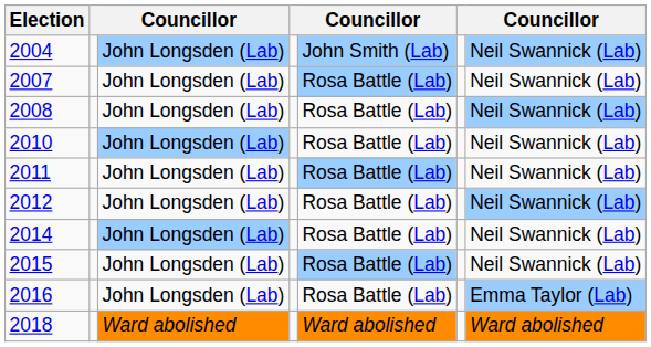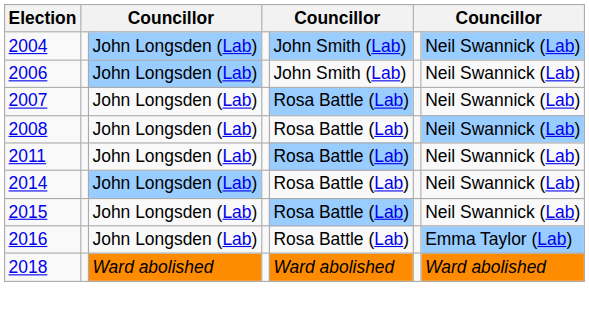 <table class="wikitable">
 <tr>
 <th>Election</th>
 <th colspan="2">Councillor</th>
 <th colspan="2">Councillor</th>
 <th colspan="2">Councillor</th>
 </tr>
 <tr>
 <td><a href='#'>2004</a></td>
 <td style="background-color: "></td>
 <td bgcolor="#99CCFF">John Longsden (<a href='#'>Lab</a>)</td>
 <td style="background-color: "></td>
 <td bgcolor="#99CCFF">John Smith (<a href='#'>Lab</a>)</td>
 <td style="background-color: "></td>
 <td bgcolor="#99CCFF">Neil Swannick (<a href='#'>Lab</a>)</td>
+</tr>
+<tr>
+<td><a href='#'>2006</a></td>
+<td style="background-color: "></td>
+<td bgcolor="#99CCFF">John Longsden (<a href='#'>Lab</a>)</td>
+<td style="background-color: "></td>
+<td>John Smith (<a href='#'>Lab</a>)</td>
+<td style="background-color: "></td>
+<td>Neil Swannick (<a href='#'>Lab</a>)</td>
 </tr>
 <tr>
 <td><a href='#'>2007</a></td>
 <td style="background-color: "></td>
 <td>John Longsden (<a href='#'>Lab</a>)</td>
 <td style="background-color: "></td>
 <td bgcolor="#99CCFF">Rosa Battle (<a href='#'>Lab</a>)</td>
 <td style="background-color: "></td>
 <td>Neil Swannick (<a href='#'>Lab</a>)</td>
 </tr>
 <tr>
 <td><a href='#'>2008</a></td>
 <td style="background-color: "></td>
 <td>John Longsden (<a href='#'>Lab</a>)</td>
 <td style="background-color: "></td>
 <td>Rosa Battle (<a href='#'>Lab</a>)</td>
 <td style="background-color: "></td>
 <td bgcolor="#99CCFF">Neil Swannick (<a href='#'>Lab</a>)</td>
 </tr>
 <tr>
-<td><a href='#'>2010</a></td>
-<td style="background-color: "></td>
-<td bgcolor="#99CCFF">John Longsden (<a href='#'>Lab</a>)</td>
-<td style="background-color: "></td>
-<td>Rosa Battle (<a href='#'>Lab</a>)</td>
-<td style="background-color: "></td>
-<td>Neil Swannick (<a href='#'>Lab</a>)</td>
-</tr>
-<tr>
 <td><a href='#'>2011</a></td>
 <td style="background-color: "></td>
 <td>John Longsden (<a href='#'>Lab</a>)</td>
 <td style="background-color: "></td>
 <td bgcolor="#99CCFF">Rosa Battle (<a href='#'>Lab</a>)</td>
 <td style="background-color: "></td>
 <td>Neil Swannick (<a href='#'>Lab</a>)</td>
-</tr>
-<tr>
-<td><a href='#'>2012</a></td>
-<td style="background-color: "></td>
-<td>John Longsden (<a href='#'>Lab</a>)</td>
-<td style="background-color: "></td>
-<td>Rosa Battle (<a href='#'>Lab</a>)</td>
-<td style="background-color: "></td>
-<td bgcolor="#99CCFF">Neil Swannick (<a href='#'>Lab</a>)</td>
 </tr>
 <tr>
 <td><a href='#'>2014</a></td>
 <td style="background-color: "></td>
 <td bgcolor="#99CCFF">John Longsden (<a href='#'>Lab</a>)</td>
 <td style="background-color: "></td>
 <td>Rosa Battle (<a href='#'>Lab</a>)</td>
 <td style="background-color: "></td>
 <td>Neil Swannick (<a href='#'>Lab</a>)</td>
 </tr>
 <tr>
 <td><a href='#'>2015</a></td>
 <td style="background-color: "></td>
 <td>John Longsden (<a href='#'>Lab</a>)</td>
 <td style="background-color: "></td>
 <td bgcolor="#99CCFF">Rosa Battle (<a href='#'>Lab</a>)</td>
 <td style="background-color: "></td>
 <td>Neil Swannick (<a href='#'>Lab</a>)</td>
 </tr>
 <tr>
 <td><a href='#'>2016</a></td>
 <td style="background-color: "></td>
 <td>John Longsden (<a href='#'>Lab</a>)</td>
 <td style="background-color: "></td>
 <td>Rosa Battle (<a href='#'>Lab</a>)</td>
 <td style="background-color: "></td>
 <td bgcolor="#99CCFF">Emma Taylor (<a href='#'>Lab</a>)</td>
 </tr>
 <tr>
 <td><a href='#'>2018</a></td>
 <td style="background-color: "></td>
 <td bgcolor="#FF8C00"><em>Ward abolished</em></td>
 <td style="background-color: "></td>
 <td bgcolor="#FF8C00"><em>Ward abolished</em></td>
 <td style="background-color: "></td>
 <td bgcolor="#FF8C00"><em>Ward abolished</em></td>
 </tr>
 </table>
